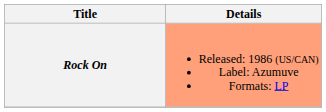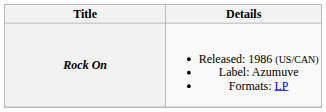 <table class="wikitable plainrowheaders" style="text-align:center">
 <tr>
 <th scope="col" style="width:13em">Title</th>
 <th scope="col">Details</th>
 </tr>
 <tr>
 <th scope="row"><em>Rock On</em></th>
-<td style="background: lightsalmon;"><br><ul><li>Released: 1986 <small>(US/CAN)</small></li><li>Label: Azumuve</li><li>Formats: <a href='#'>LP</a></li></ul></td>
+<td><br><ul><li>Released: 1986 <small>(US/CAN)</small></li><li>Label: Azumuve</li><li>Formats: <a href='#'>LP</a></li></ul></td>
 </tr>
 <tr>
 </tr>
 </table>
